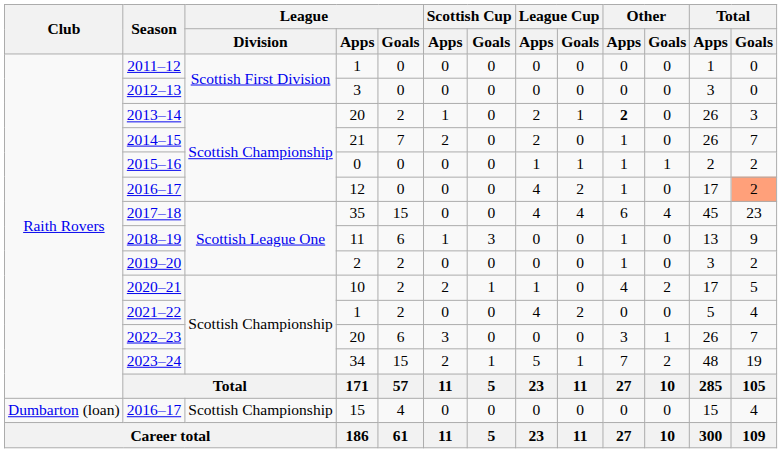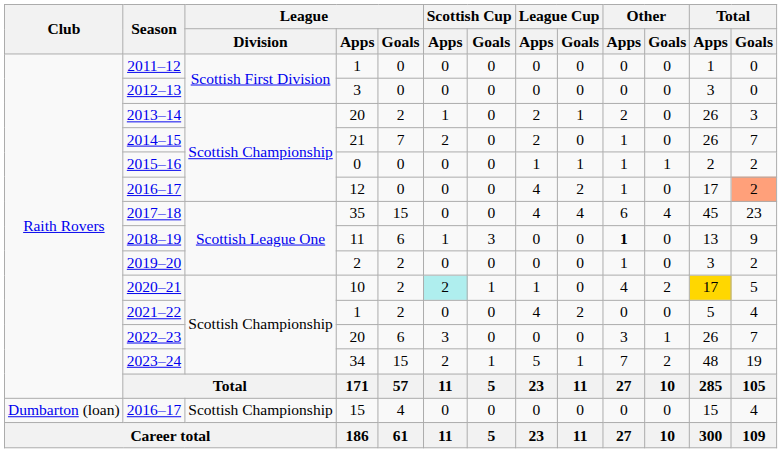 <table class="wikitable" style="text-align:center">
 <tr>
 <th rowspan="2">Club</th>
 <th rowspan="2">Season</th>
 <th colspan="3">League</th>
 <th colspan="2">Scottish Cup</th>
 <th colspan="2">League Cup</th>
 <th colspan="2">Other</th>
 <th colspan="2">Total</th>
 </tr>
 <tr>
 <th>Division</th>
 <th>Apps</th>
 <th>Goals</th>
 <th>Apps</th>
 <th>Goals</th>
 <th>Apps</th>
 <th>Goals</th>
 <th>Apps</th>
 <th>Goals</th>
 <th>Apps</th>
 <th>Goals</th>
 </tr>
 <tr>
 <td rowspan="14"><a href='#'>Raith Rovers</a></td>
 <td><a href='#'>2011–12</a></td>
 <td rowspan=2><a href='#'>Scottish First Division</a></td>
 <td>1</td>
 <td>0</td>
 <td>0</td>
 <td>0</td>
 <td>0</td>
 <td>0</td>
 <td>0</td>
 <td>0</td>
 <td>1</td>
 <td>0</td>
 </tr>
 <tr>
 <td><a href='#'>2012–13</a></td>
 <td>3</td>
 <td>0</td>
 <td>0</td>
 <td>0</td>
 <td>0</td>
 <td>0</td>
 <td>0</td>
 <td>0</td>
 <td>3</td>
 <td>0</td>
 </tr>
 <tr>
 <td><a href='#'>2013–14</a></td>
 <td rowspan=4><a href='#'>Scottish Championship</a></td>
 <td>20</td>
 <td>2</td>
 <td>1</td>
 <td>0</td>
 <td>2</td>
 <td>1</td>
-<td><strong>2</strong></td>
+<td>2</td>
 <td>0</td>
 <td>26</td>
 <td>3</td>
 </tr>
 <tr>
 <td><a href='#'>2014–15</a></td>
 <td>21</td>
 <td>7</td>
 <td>2</td>
 <td>0</td>
 <td>2</td>
 <td>0</td>
 <td>1</td>
 <td>0</td>
 <td>26</td>
 <td>7</td>
 </tr>
 <tr>
 <td><a href='#'>2015–16</a></td>
 <td>0</td>
 <td>0</td>
 <td>0</td>
 <td>0</td>
 <td>1</td>
 <td>1</td>
 <td>1</td>
 <td>1</td>
 <td>2</td>
 <td>2</td>
 </tr>
 <tr>
 <td><a href='#'>2016–17</a></td>
 <td>12</td>
 <td>0</td>
 <td>0</td>
 <td>0</td>
 <td>4</td>
 <td>2</td>
 <td>1</td>
 <td>0</td>
 <td>17</td>
 <td style="background: lightsalmon;">2</td>
 </tr>
 <tr>
 <td><a href='#'>2017–18</a></td>
 <td rowspan="3"><a href='#'>Scottish League One</a></td>
 <td>35</td>
 <td>15</td>
 <td>0</td>
 <td>0</td>
 <td>4</td>
 <td>4</td>
 <td>6</td>
 <td>4</td>
 <td>45</td>
 <td>23</td>
 </tr>
 <tr>
 <td><a href='#'>2018–19</a></td>
 <td>11</td>
 <td>6</td>
 <td>1</td>
 <td>3</td>
 <td>0</td>
 <td>0</td>
-<td>1</td>
+<td><strong>1</strong></td>
 <td>0</td>
 <td>13</td>
 <td>9</td>
 </tr>
 <tr>
 <td><a href='#'>2019–20</a></td>
 <td>2</td>
 <td>2</td>
 <td>0</td>
 <td>0</td>
 <td>0</td>
 <td>0</td>
 <td>1</td>
 <td>0</td>
 <td>3</td>
 <td>2</td>
 </tr>
 <tr>
 <td><a href='#'>2020–21</a></td>
 <td rowspan="4">Scottish Championship</td>
 <td>10</td>
 <td>2</td>
-<td>2</td>
+<td style="background: paleturquoise;">2</td>
 <td>1</td>
 <td>1</td>
 <td>0</td>
 <td>4</td>
 <td>2</td>
-<td>17</td>
+<td style="background: gold;">17</td>
 <td>5</td>
 </tr>
 <tr>
 <td><a href='#'>2021–22</a></td>
 <td>1</td>
 <td>2</td>
 <td>0</td>
 <td>0</td>
 <td>4</td>
 <td>2</td>
 <td>0</td>
 <td>0</td>
 <td>5</td>
 <td>4</td>
 </tr>
 <tr>
 <td><a href='#'>2022–23</a></td>
 <td>20</td>
 <td>6</td>
 <td>3</td>
 <td>0</td>
 <td>0</td>
 <td>0</td>
 <td>3</td>
 <td>1</td>
 <td>26</td>
 <td>7</td>
 </tr>
 <tr>
 <td><a href='#'>2023–24</a></td>
 <td>34</td>
 <td>15</td>
 <td>2</td>
 <td>1</td>
 <td>5</td>
 <td>1</td>
 <td>7</td>
 <td>2</td>
 <td>48</td>
 <td>19</td>
 </tr>
 <tr>
 <th colspan="2">Total</th>
 <th>171</th>
 <th>57</th>
 <th>11</th>
 <th>5</th>
 <th>23</th>
 <th>11</th>
 <th>27</th>
 <th>10</th>
 <th>285</th>
 <th>105</th>
 </tr>
 <tr>
 <td><a href='#'>Dumbarton</a> (loan)</td>
 <td><a href='#'>2016–17</a></td>
 <td>Scottish Championship</td>
 <td>15</td>
 <td>4</td>
 <td>0</td>
 <td>0</td>
 <td>0</td>
 <td>0</td>
 <td>0</td>
 <td>0</td>
 <td>15</td>
 <td>4</td>
 </tr>
 <tr>
 <th colspan="3">Career total</th>
 <th>186</th>
 <th>61</th>
 <th>11</th>
 <th>5</th>
 <th>23</th>
 <th>11</th>
 <th>27</th>
 <th>10</th>
 <th>300</th>
 <th>109</th>
 </tr>
 </table>
